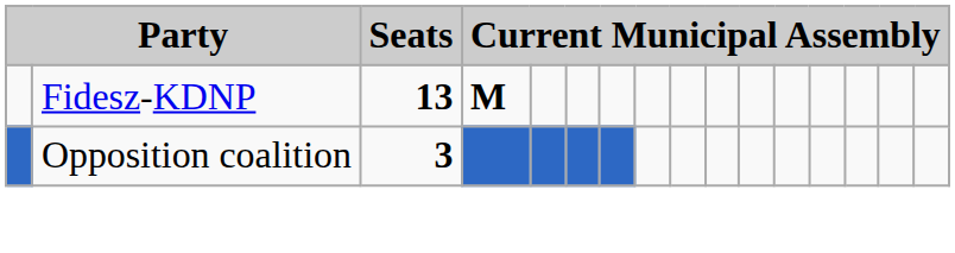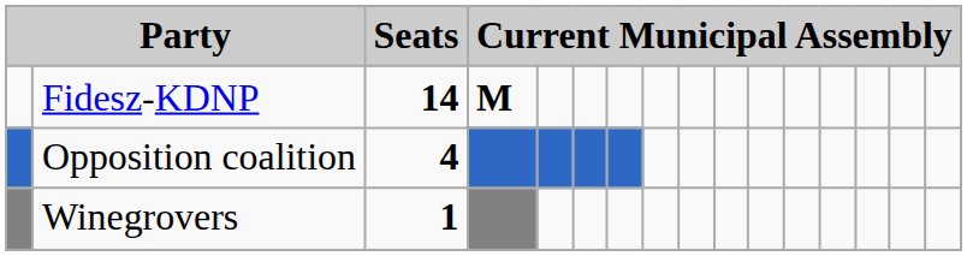 <table class="wikitable">
 <tr>
 <th style="background:#ccc" colspan="2">Party</th>
 <th style="background:#ccc">Seats</th>
 <th style="background:#ccc" colspan="13">Current Municipal Assembly</th>
 </tr>
 <tr>
 <td style="background-color: "> </td>
 <td><a href='#'>Fidesz</a>-<a href='#'>KDNP</a></td>
-<td style="text-align: right"><strong>13</strong></td>
+<td style="text-align: right"><strong>14</strong></td>
 <td style="background-color: "><span><strong>M</strong></span></td>
 <td style="background-color: "> </td>
 <td style="background-color: "> </td>
 <td style="background-color: "> </td>
 <td style="background-color: "> </td>
 <td style="background-color: "> </td>
 <td style="background-color: "> </td>
 <td style="background-color: "> </td>
 <td style="background-color: "> </td>
 <td style="background-color: "> </td>
 <td style="background-color: "> </td>
 <td style="background-color: "> </td>
 <td style="background-color: "> </td>
 </tr>
 <tr>
 <td style="background-color: #2D68C4"> </td>
 <td>Opposition coalition</td>
-<td style="text-align: right"><strong>3</strong></td>
+<td style="text-align: right"><strong>4</strong></td>
 <td style="background-color: #2D68C4"> </td>
 <td style="background-color: #2D68C4"> </td>
 <td style="background-color: #2D68C4"> </td>
 <td style="background-color: #2D68C4"> </td>
 <td> </td>
 <td> </td>
 <td> </td>
 <td> </td>
 <td> </td>
 <td> </td>
 <td> </td>
 <td> </td>
 <td> </td>
 </tr>
+<tr>
+<td style="background-color: #808080"> </td>
+<td>Winegrovers</td>
+<td style="text-align: right"><strong>1</strong></td>
+<td style="background-color: #808080"> </td>
+<td> </td>
+<td> </td>
+<td> </td>
+<td> </td>
+<td> </td>
+<td> </td>
+<td> </td>
+<td> </td>
+<td> </td>
+<td> </td>
+<td> </td>
+<td> </td>
+</tr>
 </table>
